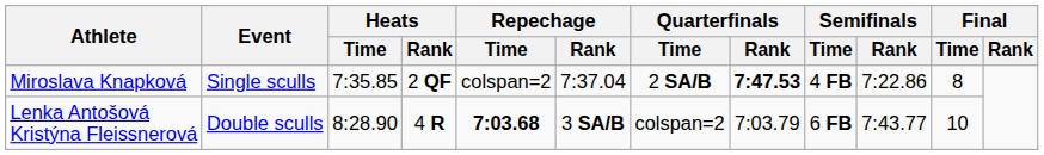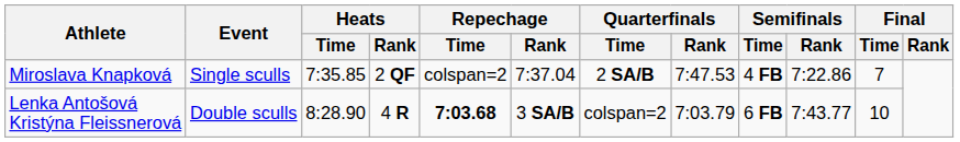 <table class="wikitable" style="font-size:90%">
 <tr>
 <th rowspan="2">Athlete</th>
 <th rowspan="2">Event</th>
 <th colspan="2">Heats</th>
 <th colspan="2">Repechage</th>
 <th colspan="2">Quarterfinals</th>
 <th colspan="2">Semifinals</th>
 <th colspan="2">Final</th>
 </tr>
 <tr style="font-size:95%">
 <th>Time</th>
 <th>Rank</th>
 <th>Time</th>
 <th>Rank</th>
 <th>Time</th>
 <th>Rank</th>
 <th>Time</th>
 <th>Rank</th>
 <th>Time</th>
 <th>Rank</th>
 </tr>
 <tr align=center>
 <td align=left><a href='#'>Miroslava Knapková</a></td>
 <td align=left><a href='#'>Single sculls</a></td>
 <td>7:35.85</td>
 <td>2 <strong>QF</strong></td>
 <td>colspan=2 </td>
 <td>7:37.04</td>
 <td>2 <strong>SA/B</strong></td>
-<td><strong>7:47.53</strong></td>
+<td>7:47.53</td>
 <td>4 <strong>FB</strong></td>
 <td>7:22.86</td>
-<td>8</td>
+<td>7</td>
 </tr>
 <tr align=center>
 <td align=left><a href='#'>Lenka Antošová</a><br><a href='#'>Kristýna Fleissnerová</a></td>
 <td align=left><a href='#'>Double sculls</a></td>
 <td>8:28.90</td>
 <td>4 <strong>R</strong></td>
 <td><strong>7:03.68</strong></td>
 <td>3 <strong>SA/B</strong></td>
 <td>colspan=2 </td>
 <td>7:03.79</td>
 <td>6 <strong>FB</strong></td>
 <td>7:43.77</td>
 <td>10</td>
 </tr>
 </table>
